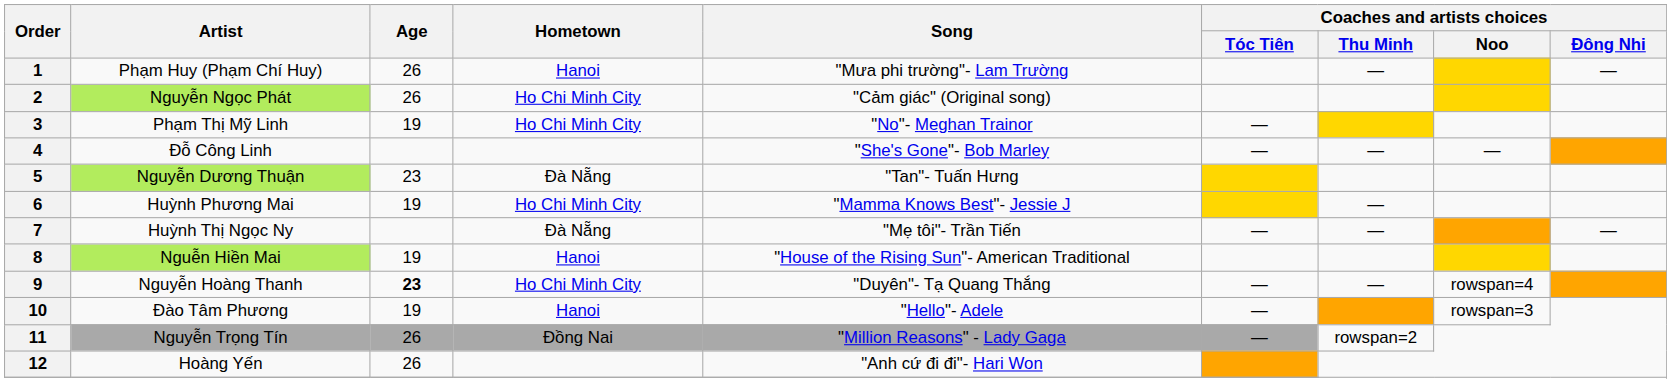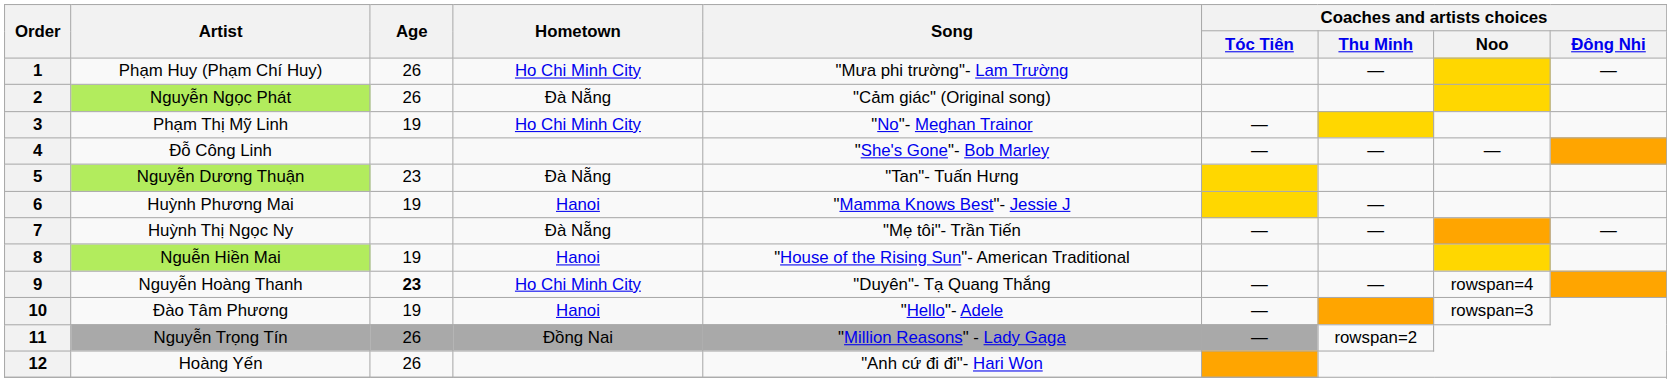 <table class="wikitable" style="text-align:center; width:100%;">
 <tr>
 <th scope="col" rowspan="2" style="width:04%;">Order</th>
 <th scope="col" rowspan="2" style="width:18%;">Artist</th>
 <th scope="col" rowspan="2" style="width:05%;">Age</th>
 <th scope="col" rowspan="2" style="width:15%;">Hometown</th>
 <th scope="col" rowspan="2" style="width:30%;">Song</th>
 <th colspan="4" style="width:28%;">Coaches and artists choices</th>
 </tr>
 <tr>
 <th style="width:07%;"><a href='#'>Tóc Tiên</a></th>
 <th style="width:07%;"><a href='#'>Thu Minh</a></th>
 <th style="width:07%;">Noo</th>
 <th style="width:07%;"><a href='#'>Đông Nhi</a></th>
 </tr>
 <tr>
 <th>1</th>
 <td>Phạm Huy (Phạm Chí Huy)</td>
 <td>26</td>
-<td><a href='#'>Hanoi</a></td>
+<td><a href='#'>Ho Chi Minh City</a></td>
 <td>"Mưa phi trường"- <a href='#'>Lam Trường</a></td>
 <td style="text-align:center;"></td>
 <td align="center">—</td>
 <td style="background:gold;text-align:center;"></td>
 <td align="center">—</td>
 </tr>
 <tr>
 <th>2</th>
 <td style="background-color:#B2EC5D;">Nguyễn Ngọc Phát</td>
 <td>26</td>
-<td><a href='#'>Ho Chi Minh City</a></td>
+<td>Đà Nẵng</td>
 <td>"Cảm giác" (Original song)</td>
 <td style="text-align:center;"></td>
 <td style="text-align:center;"></td>
 <td style="background:gold;text-align:center;"></td>
 <td style="text-align:center;"></td>
 </tr>
 <tr>
 <th>3</th>
 <td>Phạm Thị Mỹ Linh</td>
 <td>19</td>
 <td><a href='#'>Ho Chi Minh City</a></td>
 <td>"<a href='#'>No</a>"- <a href='#'>Meghan Trainor</a></td>
 <td align="center">—</td>
 <td style="background:gold;text-align:center;"></td>
 <td style="text-align:center;"></td>
 <td style="text-align:center;"></td>
 </tr>
 <tr>
 <th>4</th>
 <td>Đỗ Công Linh</td>
 <td></td>
 <td></td>
 <td>"<a href='#'>She's Gone</a>"- <a href='#'>Bob Marley</a></td>
 <td align="center">—</td>
 <td align="center">—</td>
 <td align="center">—</td>
 <td style="background:orange;text-align:center;"></td>
 </tr>
 <tr>
 <th>5</th>
 <td style="background-color:#B2EC5D;">Nguyễn Dương Thuận</td>
 <td>23</td>
 <td>Đà Nẵng</td>
 <td>"Tan"- Tuấn Hưng</td>
 <td style="background:gold;text-align:center;"></td>
 <td style="text-align:center;"></td>
 <td style="text-align:center;"></td>
 <td style="text-align:center;"></td>
 </tr>
 <tr>
 <th>6</th>
 <td>Huỳnh Phương Mai</td>
 <td>19</td>
-<td><a href='#'>Ho Chi Minh City</a></td>
+<td><a href='#'>Hanoi</a></td>
 <td>"<a href='#'>Mamma Knows Best</a>"- <a href='#'>Jessie J</a></td>
 <td style="background:gold;text-align:center;"></td>
 <td align="center">—</td>
 <td style="text-align:center;"></td>
 <td style="text-align:center;"></td>
 </tr>
 <tr>
 <th>7</th>
 <td>Huỳnh Thị Ngọc Ny</td>
 <td></td>
 <td>Đà Nẵng</td>
 <td>"Mẹ tôi"- Trần Tiến</td>
 <td align="center">—</td>
 <td align="center">—</td>
 <td style="background:orange;text-align:center;"></td>
 <td align="center">—</td>
 </tr>
 <tr>
 <th>8</th>
 <td style="background-color:#B2EC5D;">Nguễn Hiền Mai</td>
 <td>19</td>
 <td><a href='#'>Hanoi</a></td>
 <td>"<a href='#'>House of the Rising Sun</a>"- American Traditional</td>
 <td style="text-align:center;"></td>
 <td style="text-align:center;"></td>
 <td style="background:gold;text-align:center;"></td>
 <td style="text-align:center;"></td>
 </tr>
 <tr>
 <th>9</th>
 <td>Nguyễn Hoàng Thanh</td>
 <td><strong>23</strong></td>
 <td><a href='#'>Ho Chi Minh City</a></td>
 <td>"Duyên"- Tạ Quang Thắng</td>
 <td align="center">—</td>
 <td align="center">—</td>
 <td>rowspan=4 </td>
 <td style="background:orange;text-align:center;"></td>
 </tr>
 <tr>
 <th>10</th>
 <td>Đào Tâm Phương</td>
 <td>19</td>
 <td><a href='#'>Hanoi</a></td>
 <td>"<a href='#'>Hello</a>"- <a href='#'>Adele</a></td>
 <td align="center">—</td>
 <td style="background:orange;text-align:center;"></td>
 <td>rowspan=3 </td>
 </tr>
 <tr>
 <th>11</th>
 <td style="background:darkgrey;">Nguyễn Trọng Tín</td>
 <td style="background:darkgrey;">26</td>
 <td style="background:darkgrey;">Đồng Nai</td>
 <td style="background:darkgrey;">"<a href='#'>Million Reasons</a>" - <a href='#'>Lady Gaga</a></td>
 <td style="background:darkgrey;text-align:center;">—</td>
 <td>rowspan=2 </td>
 </tr>
 <tr>
 <th>12</th>
 <td>Hoàng Yến</td>
 <td>26</td>
 <td></td>
 <td>"Anh cứ đi đi"- <a href='#'>Hari Won</a></td>
 <td style="background:orange;text-align:center;"></td>
 </tr>
 <tr>
 </tr>
 </table>
